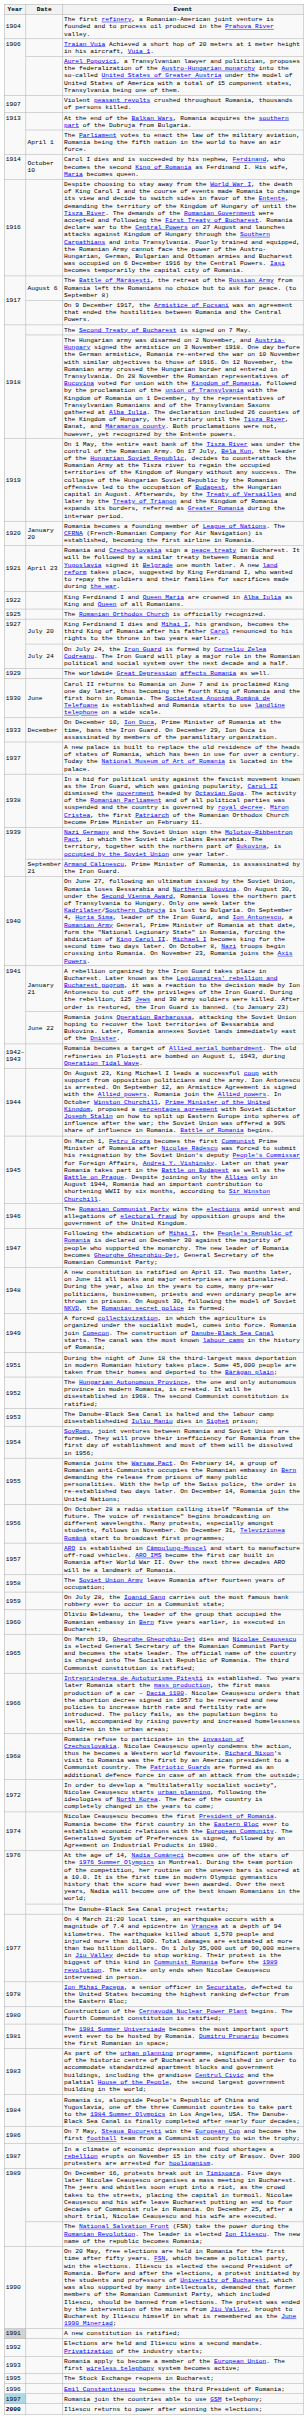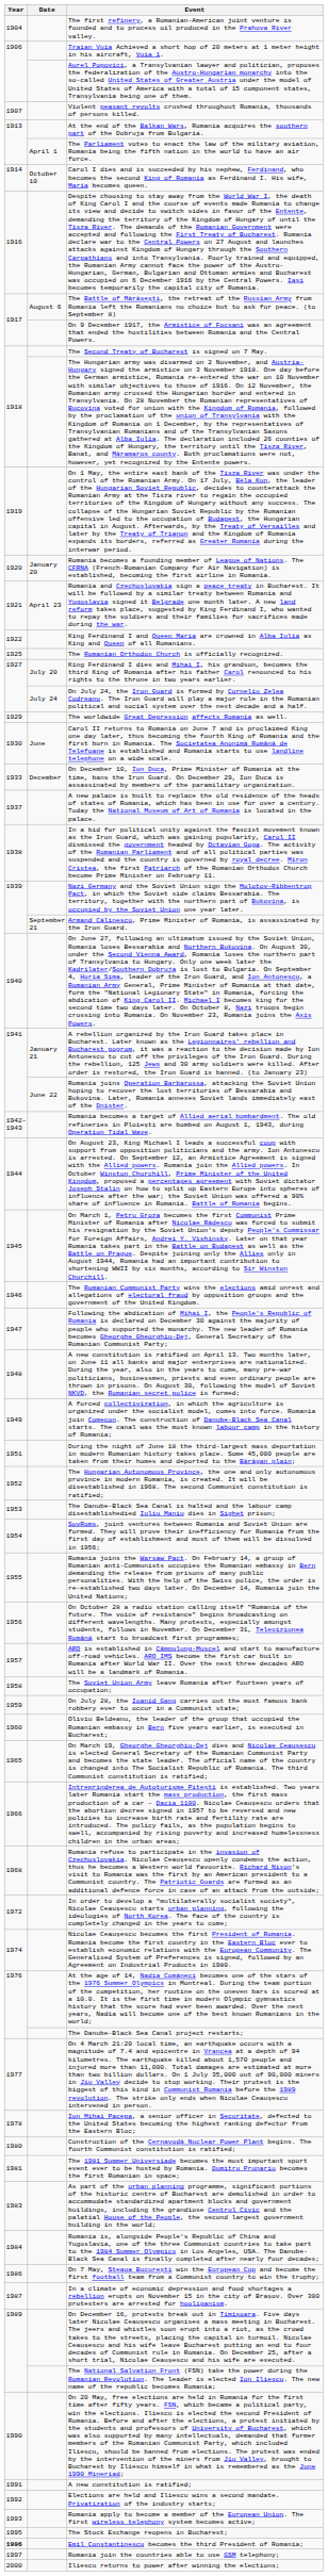 <table class="wikitable" width="100%">
 <tr>
 <th style="width:6%">Year</th>
 <th style="width:10%">Date</th>
 <th>Event</th>
 </tr>
 <tr>
 <td>1904</td>
 <td></td>
 <td>The first <a href='#'>refinery</a>, a Romanian-American joint venture is founded and to process oil produced in the <a href='#'>Prahova River</a> valley.</td>
 </tr>
 <tr>
 <td rowspan="2" valign="top">1906</td>
 <td></td>
 <td><a href='#'>Traian Vuia</a> Achieved a short hop of 20 meters at 1 meter height in his aircraft, <a href='#'>Vuia 1</a>.</td>
 </tr>
 <tr>
 <td></td>
 <td><a href='#'>Aurel Popovici</a>, a Transylvanian lawyer and politician, proposes the federalization of the <a href='#'>Austro-Hungarian monarchy</a> into the so-called <a href='#'>United States of Greater Austria</a> under the model of United States of America with a total of 15 component states, Transylvania being one of them.</td>
 </tr>
 <tr>
 <td>1907</td>
 <td></td>
 <td>Violent <a href='#'>peasant revolts</a> crushed throughout Romania, thousands of persons killed.</td>
 </tr>
 <tr>
 <td rowspan="2" valign="top">1913</td>
 <td></td>
 <td>At the end of the <a href='#'>Balkan Wars</a>, Romania acquires the <a href='#'>southern part</a> of the Dobruja from Bulgaria.</td>
 </tr>
 <tr>
 <td>April 1</td>
 <td>The <a href='#'>Parliament</a> votes to enact the law of the military aviation, Romania being the fifth nation in the world to have an air force.</td>
 </tr>
 <tr>
 <td valign="top">1914</td>
 <td>October 10</td>
 <td>Carol I dies and is succeeded by his nephew, <a href='#'>Ferdinand</a>, who becomes the second <a href='#'>King of Romania</a> as Ferdinand I. His wife, <a href='#'>Maria</a> becomes queen.</td>
 </tr>
 <tr>
 <td>1916</td>
 <td></td>
 <td>Despite choosing to stay away from the <a href='#'>World War I</a>, the death of King Carol I and the course of events made Romania to change its view and decide to switch sides in favor of the <a href='#'>Entente</a>, demanding the territory of the Kingdom of Hungary of until the <a href='#'>Tisza River</a>. The demands of the <a href='#'>Romanian Government</a> were accepted and following the <a href='#'>First Treaty of Bucharest</a>. Romania declare war to the <a href='#'>Central Powers</a> on 27 August and launches attacks against Kingdom of Hungary through the <a href='#'>Southern Carpathians</a> and into Transylvania. Poorly trained and equipped, the Romanian Army cannot face the power of the Austro-Hungarian, German, Bulgarian and Ottoman armies and Bucharest was occupied on 6 December 1916 by the Central Powers. <a href='#'>Iași</a> becomes temporarily the capital city of Romania.</td>
 </tr>
 <tr>
 <td rowspan="2">1917</td>
 <td>August 6</td>
 <td>The <a href='#'>Battle of Mărășești</a>, the retreat of the <a href='#'>Russian Army</a> from Romania left the Romanians no choice but to ask for peace. (to September 8)</td>
 </tr>
 <tr>
 <td></td>
 <td>On 9 December 1917, the <a href='#'>Armistice of Focsani</a> was an agreement that ended the hostilities between Romania and the Central Powers.</td>
 </tr>
 <tr>
 <td rowspan="2">1918</td>
 <td></td>
 <td>The <a href='#'>Second Treaty of Bucharest</a> is signed on 7 May.</td>
 </tr>
 <tr>
 <td></td>
 <td>The Hungarian army was disarmed on 2 November, and <a href='#'>Austria-Hungary</a> signed the armistice on 3 November 1918. One day before the German armistice, Romania re-entered the war on 10 November with similar objectives to those of 1916. On 12 November, the Romanian army crossed the Hungarian border and entered in Transylvania. On 28 November the Romanian representatives of <a href='#'>Bucovina</a> voted for union with the <a href='#'>Kingdom of Romania</a>, followed by the proclamation of the <a href='#'>union of Transylvania</a> with the Kingdom of Romania on 1 December, by the representatives of Transylvanian Romanians and of the Transylvanian Saxons gathered at <a href='#'>Alba Iulia</a>. The declaration included 26 counties of the Kingdom of Hungary, the territory until the <a href='#'>Tisza River</a>, Banat, and <a href='#'>Máramaros county</a>. Both proclamations were not, however, yet recognized by the Entente powers.</td>
 </tr>
 <tr>
 <td>1919</td>
 <td></td>
 <td>On 1 May, the entire east bank of the <a href='#'>Tisza River</a> was under the control of the Romanian Army. On 17 July, <a href='#'>Béla Kun</a>, the leader of the <a href='#'>Hungarian Soviet Republic</a>, decides to counterattack the Romanian Army at the Tisza river to regain the occupied territories of the Kingdom of Hungary without any success. The collapse of the Hungarian Soviet Republic by the Romanian offensive led to the occupation of <a href='#'>Budapest</a>, the Hungarian capital in August. Afterwards, by the <a href='#'>Treaty of Versailles</a> and later by the <a href='#'>Treaty of Trianon</a> and the Kingdom of Romania expands its borders, referred as <a href='#'>Greater Romania</a> during the interwar period.</td>
 </tr>
 <tr>
 <td>1920</td>
 <td>January 20</td>
 <td>Romania becomes a founding member of <a href='#'>League of Nations</a>. The <a href='#'>CFRNA</a> (French-Romanian Company for Air Navigation) is established, becoming the first airline in Romania.</td>
 </tr>
 <tr>
 <td>1921</td>
 <td>April 23</td>
 <td>Romania and <a href='#'>Czechoslovakia</a> sign a <a href='#'>peace treaty</a> in Bucharest. It will be followed by a similar treaty between Romania and <a href='#'>Yugoslavia</a> signed it <a href='#'>Belgrade</a> one month later. A new <a href='#'>land reform</a> takes place, suggested by King Ferdinand I, who wanted to repay the soldiers and their families for sacrifices made during <a href='#'>the war</a>.</td>
 </tr>
 <tr>
 <td>1922</td>
 <td></td>
 <td>King Ferdinand I and <a href='#'>Queen Maria</a> are crowned in <a href='#'>Alba Iulia</a> as King and <a href='#'>Queen</a> of all Romanians.</td>
 </tr>
 <tr>
 <td>1925</td>
 <td></td>
 <td>The <a href='#'>Romanian Orthodox Church</a> is officially recognized.</td>
 </tr>
 <tr>
 <td rowspan="2" valign="top">1927</td>
 <td>July 20</td>
 <td>King Ferdinand I dies and <a href='#'>Mihai I</a>, his grandson, becomes the third King of Romania after his father <a href='#'>Carol</a> renounced to his rights to the throne in two years earlier.</td>
 </tr>
 <tr>
 <td>July 24</td>
 <td>On July 24, the <a href='#'>Iron Guard</a> is formed by <a href='#'>Corneliu Zelea Codreanu</a>. The Iron Guard will play a major role in the Romanian political and social system over the next decade and a half.</td>
 </tr>
 <tr>
 <td>1929</td>
 <td></td>
 <td>The worldwide <a href='#'>Great Depression</a> <a href='#'>affects Romania</a> as well.</td>
 </tr>
 <tr>
 <td>1930</td>
 <td>June</td>
 <td>Carol II returns to Romania on June 7 and is proclaimed King one day later, thus becoming the fourth King of Romania and the first born in Romania. The <a href='#'>Societatea Anonimă Română de Telefoane</a> is established and Romania starts to use <a href='#'>landline telephone</a> on a wide scale.</td>
 </tr>
 <tr>
 <td>1933</td>
 <td>December</td>
 <td>On December 10, <a href='#'>Ion Duca</a>, Prime Minister of Romania at the time, bans the Iron Guard. On December 29, Ion Duca is assassinated by members of the paramilitary organization.</td>
 </tr>
 <tr>
 <td>1937</td>
 <td></td>
 <td>A new palace is built to replace the old residence of the heads of states of Romania, which has been in use for over a century. Today the <a href='#'>National Museum of Art of Romania</a> is located in the palace.</td>
 </tr>
 <tr>
 <td>1938</td>
 <td></td>
 <td>In a bid for political unity against the fascist movement known as the Iron Guard, which was gaining popularity, <a href='#'>Carol II</a> dismissed the <a href='#'>government</a> headed by <a href='#'>Octavian Goga</a>. The activity of the <a href='#'>Romanian Parliament</a> and of all political parties was suspended and the country is governed by <a href='#'>royal decree</a>. <a href='#'>Miron Cristea</a>, the first <a href='#'>Patriarch</a> of the Romanian Orthodox Church become Prime Minister on February 11.</td>
 </tr>
 <tr>
 <td rowspan="2" valign="top">1939</td>
 <td></td>
 <td><a href='#'>Nazi Germany</a> and the Soviet Union sign the <a href='#'>Molotov–Ribbentrop Pact</a>, in which the Soviet side claims Bessarabia. The territory, together with the northern part of <a href='#'>Bukovina</a>, is <a href='#'>occupied by the Soviet Union</a> one year later.</td>
 </tr>
 <tr>
 <td>September 21</td>
 <td><a href='#'>Armand Călinescu</a>, Prime Minister of Romania, is assassinated by the Iron Guard.</td>
 </tr>
 <tr>
 <td>1940</td>
 <td></td>
 <td>On June 27, following an ultimatum issued by the Soviet Union, Romania loses Bessarabia and <a href='#'>Northern Bukovina</a>. On August 30, under the <a href='#'>Second Vienna Award</a>, Romania loses the northern part of Transylvania to Hungary. Only one week later the <a href='#'>Kadrilater</a>/<a href='#'>Southern Dobruja</a> is lost to Bulgaria. On September 4, <a href='#'>Horia Sima</a>, leader of the Iron Guard, and <a href='#'>Ion Antonescu</a>, a <a href='#'>Romanian Army</a> General, Prime Minister of Romania at that date, form the "National Legionary State" in Romania, forcing the abdication of <a href='#'>King Carol II</a>. <a href='#'>Michael I</a> becomes king for the second time two days later. On October 8, <a href='#'>Nazi</a> troops begin crossing into Romania. On November 23, Romania joins the <a href='#'>Axis Powers</a>.</td>
 </tr>
 <tr>
 <td rowspan="2" valign="top">1941</td>
 <td>January 21</td>
 <td>A rebellion organized by the Iron Guard takes place in Bucharest. Later known as the <a href='#'>Legionnaires' rebellion and Bucharest pogrom</a>, it was a reaction to the decision made by Ion Antonescu to cut off the privileges of the Iron Guard. During the rebellion, 125 <a href='#'>Jews</a> and 30 army soldiers were killed. After order is restored, the Iron Guard is banned. (to January 23)</td>
 </tr>
 <tr>
 <td>June 22</td>
 <td>Romania joins <a href='#'>Operation Barbarossa</a>, attacking the Soviet Union hoping to recover the lost territories of Bessarabia and Bukovina. Later, Romania annexes Soviet lands immediately east of the <a href='#'>Dnister</a>.</td>
 </tr>
 <tr>
 <td>1942–1943</td>
 <td></td>
 <td>Romania becomes a target of <a href='#'>Allied aerial bombardment</a>. The old refineries in Ploiești are bombed on August 1, 1943, during <a href='#'>Operation Tidal Wave</a>.</td>
 </tr>
 <tr>
 <td>1944</td>
 <td></td>
 <td>On August 23, King Michael I leads a successful <a href='#'>coup</a> with support from opposition politicians and the army. Ion Antonescu is arrested. On September 12, an Armistice Agreement is signed with the <a href='#'>Allied powers</a>. Romania join the <a href='#'>Allied powers</a>. In October <a href='#'>Winston Churchill</a>, <a href='#'>Prime Minister of the United Kingdom</a>, proposed a <a href='#'>percentages agreement</a> with Soviet dictator <a href='#'>Joseph Stalin</a> on how to split up Eastern Europe into spheres of influence after the war;  the Soviet Union was offered a 90% share of influence in Romania. <a href='#'>Battle of Romania</a> begins.</td>
 </tr>
 <tr>
 <td>1945</td>
 <td></td>
 <td>On March 1, <a href='#'>Petru Groza</a> becomes the first <a href='#'>Communist</a> Prime Minister of Romania after <a href='#'>Nicolae Rădescu</a> was forced to submit his resignation by the Soviet Union's deputy <a href='#'>People's Commissar</a> for Foreign Affairs, <a href='#'>Andrei Y. Vishinsky</a>. Later on that year Romania takes part in the <a href='#'>Battle on Budapest</a> as well as the <a href='#'>Battle on Prague</a>. Despite joining only the <a href='#'>Allies</a> only in August 1944, Romania had an important contribution to shortening WWII by six months, according to <a href='#'>Sir Winston Churchill</a>.</td>
 </tr>
 <tr>
 <td>1946</td>
 <td></td>
 <td>The <a href='#'>Romanian Communist Party</a> wins the <a href='#'>elections</a> amid unrest and allegations of <a href='#'>electoral fraud</a> by opposition groups and the government of the United Kingdom.</td>
 </tr>
 <tr>
 <td>1947</td>
 <td></td>
 <td>Following the abdication of <a href='#'>Mihai I</a>, the <a href='#'>People's Republic of Romania</a> is declared on December 30 against the majority of people who supported the monarchy. The new leader of Romania becomes <a href='#'>Gheorghe Gheorghiu-Dej</a>, General Secretary of the Romanian Communist Party;</td>
 </tr>
 <tr>
 <td>1948</td>
 <td></td>
 <td>A new constitution is ratified on April 13. Two months later, on June 11 all banks and major enterprises are nationalized. During the year, also in the years to come, many pre-war politicians, businessmen, priests and even ordinary people are thrown in prisons. On August 30, following the model of Soviet <a href='#'>NKVD</a>, the <a href='#'>Romanian secret police</a> is formed;</td>
 </tr>
 <tr>
 <td>1949</td>
 <td></td>
 <td>A forced <a href='#'>collectivization</a>, in which the agriculture is organized under the socialist model, comes into force. Romania join <a href='#'>Comecon</a>. The construction of <a href='#'>Danube-Black Sea Canal</a> starts. The canal was the most known <a href='#'>labour camp</a> in the history of Romania;</td>
 </tr>
 <tr>
 <td>1951</td>
 <td></td>
 <td>During the night of June 18 the third-largest mass deportation in modern Romanian history takes place. Some 45,000 people are taken from their homes and deported to the <a href='#'>Bărăgan plain</a>;</td>
 </tr>
 <tr>
 <td>1952</td>
 <td></td>
 <td>The <a href='#'>Hungarian Autonomous Province</a>, the one and only autonomous province in modern Romania, is created. It will be disestablished in 1968. The second Communist constitution is ratified;</td>
 </tr>
 <tr>
 <td>1953</td>
 <td></td>
 <td>The Danube-Black Sea Canal is halted and the labour camp disestablishedied <a href='#'>Iuliu Maniu</a> dies in <a href='#'>Sighet</a> prison;</td>
 </tr>
 <tr>
 <td>1954</td>
 <td></td>
 <td><a href='#'>SovRoms</a>, joint ventures between Romania and Soviet Union are formed. They will prove their inefficiency for Romania from the first day of establishment and most of them will be dissolved in 1956;</td>
 </tr>
 <tr>
 <td>1955</td>
 <td></td>
 <td>Romania joins the <a href='#'>Warsaw Pact</a>. On February 14, a group of Romanian anti-Communists occupies the Romanian embassy in <a href='#'>Bern</a> demanding the release from prisons of many public personalities. With the help of the Swiss police, the order is re-established two days later. On December 14, Romania join the United Nations;</td>
 </tr>
 <tr>
 <td>1956</td>
 <td></td>
 <td>On October 28 a radio station calling itself "Romania of the future. The voice of resistance" begins broadcasting on different wavelengths. Many protests, especially amongst students, follows in November. On December 31, <a href='#'>Televiziunea Română</a> start to broadcast first programmes;</td>
 </tr>
 <tr>
 <td>1957</td>
 <td></td>
 <td><a href='#'>ARO</a> is established in <a href='#'>Câmpulung-Muscel</a> and start to manufacture off-road vehicles. <a href='#'>ARO IMS</a> become the first car built in Romania after World War II. Over the next three decades ARO will be a landmark of Romania.</td>
 </tr>
 <tr>
 <td>1958</td>
 <td></td>
 <td>The <a href='#'>Soviet Union Army</a> leave Romania after fourteen years of occupation;</td>
 </tr>
 <tr>
 <td>1959</td>
 <td></td>
 <td>On July 28, the <a href='#'>Ioanid Gang</a> carries out the most famous bank robbery ever to occur in a Communist state;</td>
 </tr>
 <tr>
 <td>1960</td>
 <td></td>
 <td>Oliviu Beldeanu, the leader of the group that occupied the Romanian embassy in <a href='#'>Bern</a> five years earlier, is executed in Bucharest;</td>
 </tr>
 <tr>
 <td>1965</td>
 <td></td>
 <td>On March 19, <a href='#'>Gheorghe Gheorghiu-Dej</a> dies and <a href='#'>Nicolae Ceaușescu</a> is elected General Secretary of the Romanian Communist Party and becomes the state leader. The official name of the country is changed into The Socialist Republic of Romania. The third Communist constitution is ratified;</td>
 </tr>
 <tr>
 <td>1966</td>
 <td></td>
 <td><a href='#'>Intreprinderea de Autoturisme Pitești</a> is established. Two years later Romania start the <a href='#'>mass production</a>, the first mass production of a car – <a href='#'>Dacia 1100</a>. Nicolae Ceaușescu orders that the abortion decree signed in 1957 to be reversed and new policies to increase birth rate and fertility rate are introduced. The policy fails, as the population begins to swell, accompanied by rising poverty and increased homelessness children in the urban areas;</td>
 </tr>
 <tr>
 <td>1968</td>
 <td></td>
 <td>Romania refuse to participate in the <a href='#'>invasion of Czechoslovakia</a>. Nicolae Ceaușescu openly condemns the action, thus he becomes a Western world favourite. <a href='#'>Richard Nixon</a>'s visit to Romania was the first by an American president to a Communist country. The <a href='#'>Patriotic Guards</a> are formed as an additional defence force in case of an attack from the outside;</td>
 </tr>
 <tr>
 <td>1972</td>
 <td></td>
 <td>In order to develop a "multilaterally socialist society", Nicolae Ceaușescu starts <a href='#'>urban planning</a>, following the ideologies of <a href='#'>North Korea</a>. The face of the country is completely changed in the years to come;</td>
 </tr>
 <tr>
 <td>1974</td>
 <td></td>
 <td>Nicolae Ceaușescu becomes the first <a href='#'>President of Romania</a>. Romania become the first country in the <a href='#'>Eastern Bloc</a> ever to establish economic relations with the <a href='#'>European Community</a>. The Generalised System of Preferences is signed, followed by an Agreement on Industrial Products in 1980.</td>
 </tr>
 <tr>
 <td rowspan="2" valign="top">1976</td>
 <td></td>
 <td>At the age of 14, <a href='#'>Nadia Comăneci</a> becomes one of the stars of the <a href='#'>1976 Summer Olympics</a> in Montreal. During the team portion of the competition, her routine on the uneven bars is scored at a 10.0. It is the first time in modern Olympic gymnastics history that the score had ever been awarded. Over the next years, Nadia will become one of the best known Romanians in the world;</td>
 </tr>
 <tr>
 <td></td>
 <td>The Danube-Black Sea Canal project restarts;</td>
 </tr>
 <tr>
 <td>1977</td>
 <td></td>
 <td>On 4 March 21:20 local time, an earthquake occurs with a magnitude of 7.4 and epicentre in <a href='#'>Vrancea</a> at a depth of 94 kilometres.  The earthquake killed about 1,570 people and injured more than 11,000. Total damages are estimated at more than two billion dollars. On 1 July 35,000 out of 90,000 miners in <a href='#'>Jiu Valley</a> decide to stop working. Their protest is the biggest of this kind in <a href='#'>Communist Romania</a> before the <a href='#'>1989 revolution</a>. The strike only ends when Nicolae Ceaușescu intervened in person.</td>
 </tr>
 <tr>
 <td>1978</td>
 <td></td>
 <td><a href='#'>Ion Mihai Pacepa</a>, a senior officer in <a href='#'>Securitate</a>, defected to the United States becoming the highest ranking defector from the Eastern Bloc;</td>
 </tr>
 <tr>
 <td>1980</td>
 <td></td>
 <td>Construction of the <a href='#'>Cernavodă Nuclear Power Plant</a> begins. The fourth Communist constitution is ratified;</td>
 </tr>
 <tr>
 <td>1981</td>
 <td></td>
 <td>The <a href='#'>1981 Summer Universiade</a> becomes the most important sport event ever to be hosted by Romania. <a href='#'>Dumitru Prunariu</a> becomes the first Romanian in space;</td>
 </tr>
 <tr>
 <td>1983</td>
 <td></td>
 <td>As part of the <a href='#'>urban planning</a> programme, significant portions of the historic centre of Bucharest are demolished in order to accommodate standardized apartment blocks and government buildings, including the grandiose <a href='#'>Centrul Civic</a> and the palatial <a href='#'>House of the People</a>, the second largest government building in the world;</td>
 </tr>
 <tr>
 <td>1984</td>
 <td></td>
 <td>Romania is, alongside People's Republic of China and Yugoslavia, one of the three Communist countries to take part to the <a href='#'>1984 Summer Olympics</a> in Los Angeles, USA. The Danube-Black Sea Canal is finally completed after nearly four decades;</td>
 </tr>
 <tr>
 <td>1986</td>
 <td></td>
 <td>On 7 May, <a href='#'>Steaua București</a> win the <a href='#'>European Cup</a> and become the first <a href='#'>football</a> team from a Communist country to win the trophy;</td>
 </tr>
 <tr>
 <td>1987</td>
 <td></td>
 <td>In a climate of economic depression and food shortages a <a href='#'>rebellion</a> erupts on November 15 in the city of Brașov. Over 300 protesters are arrested for <a href='#'>hooliganism</a>.</td>
 </tr>
 <tr>
 <td rowspan="2" valign="top">1989</td>
 <td></td>
 <td>On December 16, protests break out in <a href='#'>Timișoara</a>. Five days later Nicolae Ceaușescu organises a mass meeting in Bucharest. The jeers and whistles soon erupt into a riot, as the crowd takes to the streets, placing the capital in turmoil. Nicolae Ceaușescu and his wife leave Bucharest putting an end to four decades of Communist rule in Romania. On December 25, after a short trial, Nicolae Ceaușescu and his wife are executed.</td>
 </tr>
 <tr>
 <td></td>
 <td>The <a href='#'>National Salvation Front</a> (FSN) take the power during the <a href='#'>Romanian Revolution</a>. The leader is elected <a href='#'>Ion Iliescu</a>. The new name of the republic becomes Romania;</td>
 </tr>
 <tr>
 <td>1990</td>
 <td></td>
 <td>On 20 May, free elections are held in Romania for the first time after fifty years. <a href='#'>FSN</a>, which became a political party, win the elections. Iliescu is elected the second President of Romania. Before and after the elections, a protest initiated by the students and professors of <a href='#'>University of Bucharest</a>, which was also supported by many intellectuals, demanded that former members of the Romanian Communist Party, which included Iliescu, should be banned from elections. The protest was ended by the intervention of the miners from <a href='#'>Jiu Valley</a>, brought to Bucharest by Iliescu himself in what is remembered as the <a href='#'>June 1990 Mineriad</a>;</td>
 </tr>
 <tr>
-<td style="background: lightgrey;">1991</td>
+<td>1991</td>
 <td></td>
 <td>A new constitution is ratified;</td>
 </tr>
 <tr>
 <td>1992</td>
 <td></td>
 <td>Elections are held and Iliescu wins a second mandate. <a href='#'>Privatization</a> of the industry starts;</td>
 </tr>
 <tr>
 <td>1993</td>
 <td></td>
 <td>Romania apply to become a member of the <a href='#'>European Union</a>. The first <a href='#'>wireless telephony</a> system becomes active;</td>
 </tr>
 <tr>
 <td>1995</td>
 <td></td>
 <td>The Stock Exchange reopens in Bucharest;</td>
 </tr>
 <tr>
-<td>1996</td>
+<td><strong>1996</strong></td>
 <td></td>
 <td><a href='#'>Emil Constantinescu</a> becomes the third President of Romania;</td>
 </tr>
 <tr>
-<td style="background: lightblue;">1997</td>
+<td>1997</td>
 <td></td>
 <td>Romania join the countries able to use <a href='#'>GSM</a> telephony;</td>
 </tr>
 <tr>
-<td><strong>2000</strong></td>
+<td>2000</td>
 <td></td>
 <td>Iliescu returns to power after winning the elections;</td>
 </tr>
 </table>
